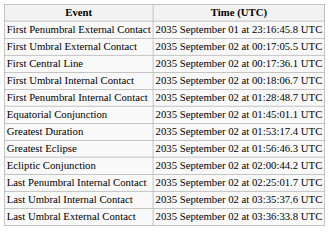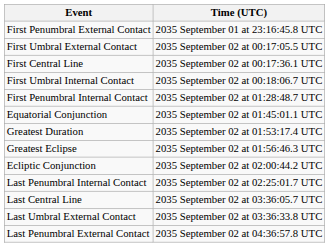 <table class="wikitable">
 <tr>
 <th>Event</th>
 <th>Time (UTC)</th>
 </tr>
 <tr>
 <td>First Penumbral External Contact</td>
 <td>2035 September 01 at 23:16:45.8 UTC</td>
 </tr>
 <tr>
 <td>First Umbral External Contact</td>
 <td>2035 September 02 at 00:17:05.5 UTC</td>
 </tr>
 <tr>
 <td>First Central Line</td>
 <td>2035 September 02 at 00:17:36.1 UTC</td>
 </tr>
 <tr>
 <td>First Umbral Internal Contact</td>
 <td>2035 September 02 at 00:18:06.7 UTC</td>
 </tr>
 <tr>
 <td>First Penumbral Internal Contact</td>
 <td>2035 September 02 at 01:28:48.7 UTC</td>
 </tr>
 <tr>
 <td>Equatorial Conjunction</td>
 <td>2035 September 02 at 01:45:01.1 UTC</td>
 </tr>
 <tr>
 <td>Greatest Duration</td>
 <td>2035 September 02 at 01:53:17.4 UTC</td>
 </tr>
 <tr>
 <td>Greatest Eclipse</td>
 <td>2035 September 02 at 01:56:46.3 UTC</td>
 </tr>
 <tr>
 <td>Ecliptic Conjunction</td>
 <td>2035 September 02 at 02:00:44.2 UTC</td>
 </tr>
 <tr>
 <td>Last Penumbral Internal Contact</td>
 <td>2035 September 02 at 02:25:01.7 UTC</td>
 </tr>
 <tr>
-<td>Last Umbral Internal Contact</td>
-<td>2035 September 02 at 03:35:37.6 UTC</td>
+<td>Last Central Line</td>
+<td>2035 September 02 at 03:36:05.7 UTC</td>
 </tr>
 <tr>
 <td>Last Umbral External Contact</td>
 <td>2035 September 02 at 03:36:33.8 UTC</td>
 </tr>
+<tr>
+<td>Last Penumbral External Contact</td>
+<td>2035 September 02 at 04:36:57.8 UTC</td>
+</tr>
 </table>
